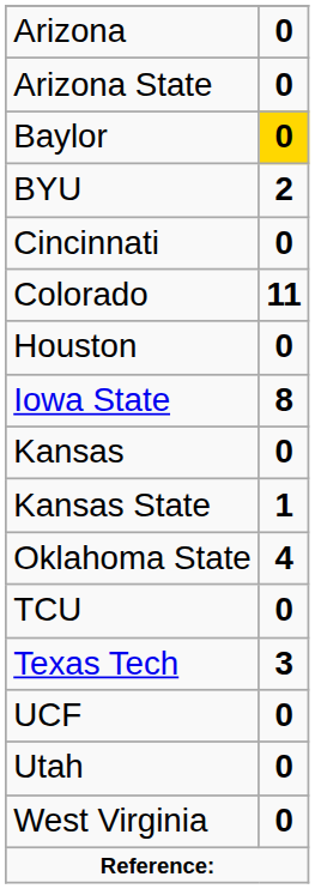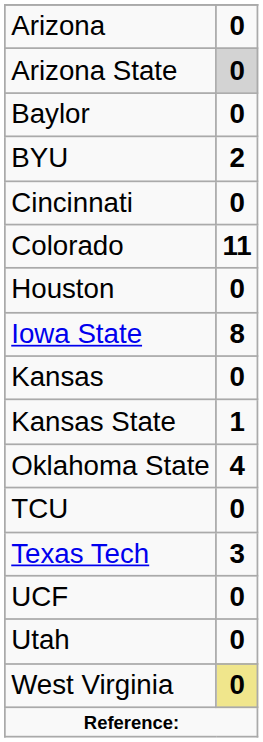 <table class="wikitable sortable">
 <tr>
 </tr>
 <tr>
 <td>Arizona</td>
 <td style="text-align: center;"><strong>0</strong></td>
 </tr>
 <tr>
 <td>Arizona State</td>
-<td style="text-align: center;"><strong>0</strong></td>
+<td style="background: lightgrey; text-align: center;"><strong>0</strong></td>
 </tr>
 <tr>
 <td>Baylor</td>
-<td style="background: gold; text-align: center;"><strong>0</strong></td>
+<td style="text-align: center;"><strong>0</strong></td>
 </tr>
 <tr>
 <td>BYU</td>
 <td style="text-align: center;"><strong>2</strong></td>
 </tr>
 <tr>
 <td>Cincinnati</td>
 <td style="text-align: center;"><strong>0</strong></td>
 </tr>
 <tr>
 <td>Colorado</td>
 <td style="text-align: center;"><strong>11</strong></td>
 </tr>
 <tr>
 <td>Houston</td>
 <td style="text-align: center;"><strong>0</strong></td>
 </tr>
 <tr>
 <td><a href='#'>Iowa State</a></td>
 <td style="text-align: center;"><strong>8</strong></td>
 </tr>
 <tr>
 <td>Kansas</td>
 <td style="text-align: center;"><strong>0</strong></td>
 </tr>
 <tr>
 <td>Kansas State</td>
 <td style="text-align: center;"><strong>1</strong></td>
 </tr>
 <tr>
 <td>Oklahoma State</td>
 <td style="text-align: center;"><strong>4</strong></td>
 </tr>
 <tr>
 <td>TCU</td>
 <td style="text-align: center;"><strong>0</strong></td>
 </tr>
 <tr>
 <td><a href='#'>Texas Tech</a></td>
 <td style="text-align: center;"><strong>3</strong></td>
 </tr>
 <tr>
 <td>UCF</td>
 <td style="text-align: center;"><strong>0</strong></td>
 </tr>
 <tr>
 <td>Utah</td>
 <td style="text-align: center;"><strong>0</strong></td>
 </tr>
 <tr>
 <td>West Virginia</td>
-<td style="text-align: center;"><strong>0</strong></td>
+<td style="background: khaki; text-align: center;"><strong>0</strong></td>
 </tr>
 <tr>
 <td colspan="4"  style="font-size:8pt; text-align:center;"><strong>Reference:</strong></td>
 </tr>
 </table>
